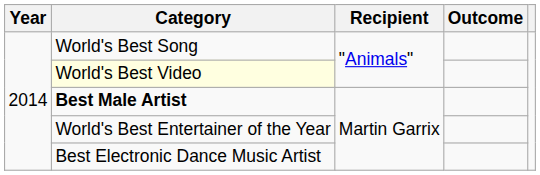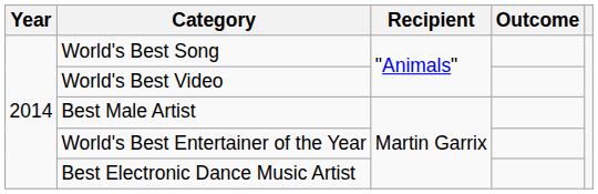 <table class="wikitable plainrowheaders sortable">
 <tr>
 <th scope="col">Year</th>
 <th scope="col">Category</th>
 <th scope="col">Recipient</th>
 <th scope="col">Outcome</th>
 <th scope="col" class="unsortable"></th>
 </tr>
 <tr>
 <td rowspan="5">2014</td>
 <td>World's Best Song</td>
 <td rowspan="2">"<a href='#'>Animals</a>"</td>
 <td></td>
 <td rowspan="5"></td>
 </tr>
 <tr>
-<td style="background: lightyellow;">World's Best Video</td>
+<td>World's Best Video</td>
 <td></td>
 </tr>
 <tr>
-<td><strong>Best Male Artist</strong></td>
+<td>Best Male Artist</td>
 <td rowspan="5">Martin Garrix</td>
 <td></td>
 </tr>
 <tr>
 <td>World's Best Entertainer of the Year</td>
 <td></td>
 </tr>
 <tr>
 <td>Best Electronic Dance Music Artist</td>
 <td></td>
 </tr>
 </table>
